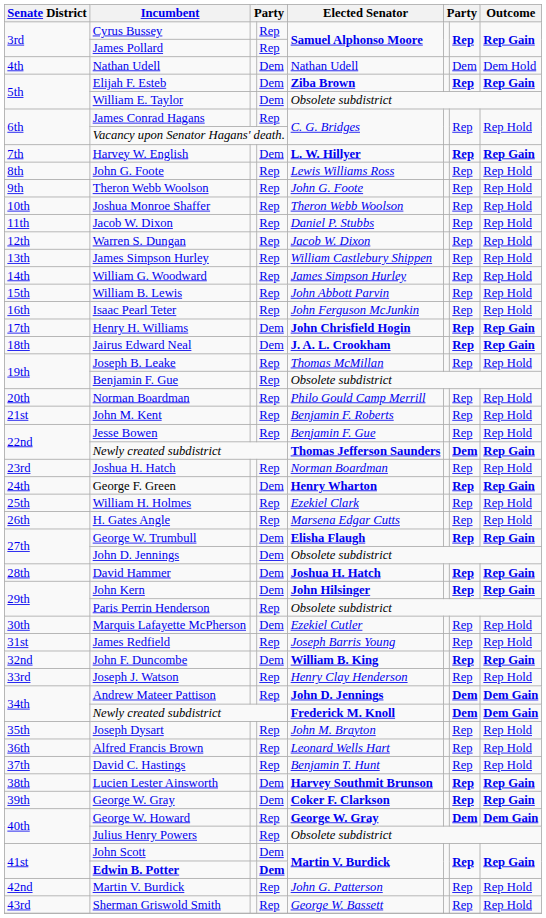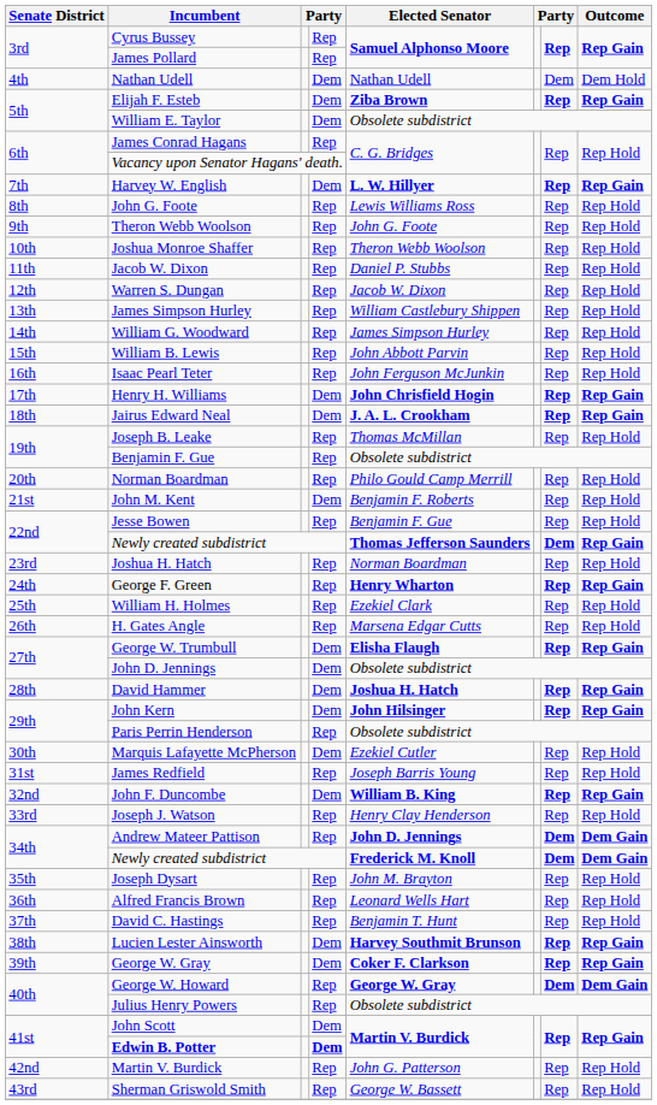 <table class="sortable wikitable" style="font-size:95%;line-height:14px;">
 <tr>
 <th class="sortable"><a href='#'>Senate</a> District</th>
 <th class="sortable"><a href='#'>Incumbent</a></th>
 <th colspan="2">Party</th>
 <th class="sortable">Elected Senator</th>
 <th colspan="2">Party</th>
 <th class="sortable">Outcome</th>
 </tr>
 <tr>
 <td rowspan="2"><a href='#'>3rd</a></td>
 <td><a href='#'>Cyrus Bussey</a></td>
 <td style="background:"></td>
 <td><a href='#'>Rep</a></td>
 <td rowspan="2"><strong><a href='#'>Samuel Alphonso Moore</a></strong></td>
 <td rowspan="2" style="background:"></td>
 <td rowspan="2"><strong><a href='#'>Rep</a></strong></td>
 <td rowspan="2" ><strong><a href='#'>Rep Gain</a></strong></td>
 </tr>
 <tr>
 <td><a href='#'>James Pollard</a></td>
 <td style="background:"></td>
 <td><a href='#'>Rep</a></td>
 </tr>
 <tr>
 <td><a href='#'>4th</a></td>
 <td><a href='#'>Nathan Udell</a></td>
 <td style="background:"></td>
 <td><a href='#'>Dem</a></td>
 <td><a href='#'>Nathan Udell</a></td>
 <td style="background:"></td>
 <td><a href='#'>Dem</a></td>
 <td><a href='#'>Dem Hold</a></td>
 </tr>
 <tr>
 <td rowspan="2"><a href='#'>5th</a></td>
 <td><a href='#'>Elijah F. Esteb</a></td>
 <td style="background:"></td>
 <td><a href='#'>Dem</a></td>
 <td><strong><a href='#'>Ziba Brown</a></strong></td>
 <td style="background:"></td>
 <td><strong><a href='#'>Rep</a></strong></td>
 <td><strong><a href='#'>Rep Gain</a></strong></td>
 </tr>
 <tr>
 <td><a href='#'>William E. Taylor</a></td>
 <td style="background:"></td>
 <td><a href='#'>Dem</a></td>
 <td colspan="4" ><em>Obsolete subdistrict</em></td>
 </tr>
 <tr>
 <td rowspan="2"><a href='#'>6th</a></td>
 <td><a href='#'>James Conrad Hagans</a></td>
 <td style="background:"></td>
 <td><a href='#'>Rep</a></td>
 <td rowspan="2"><em><a href='#'>C. G. Bridges</a></em></td>
 <td rowspan="2" style="background:"></td>
 <td rowspan="2"><a href='#'>Rep</a></td>
 <td rowspan="2"><a href='#'>Rep Hold</a></td>
 </tr>
 <tr>
 <td colspan="3" ><em>Vacancy upon Senator Hagans' death.</em></td>
 </tr>
 <tr>
 <td><a href='#'>7th</a></td>
 <td><a href='#'>Harvey W. English</a></td>
 <td style="background:"></td>
 <td><a href='#'>Dem</a></td>
 <td><strong><a href='#'>L. W. Hillyer</a></strong></td>
 <td style="background:"></td>
 <td><strong><a href='#'>Rep</a></strong></td>
 <td><strong><a href='#'>Rep Gain</a></strong></td>
 </tr>
 <tr>
 <td><a href='#'>8th</a></td>
 <td><a href='#'>John G. Foote</a></td>
 <td style="background:"></td>
 <td><a href='#'>Rep</a></td>
 <td><em><a href='#'>Lewis Williams Ross</a></em></td>
 <td style="background:"></td>
 <td><a href='#'>Rep</a></td>
 <td><a href='#'>Rep Hold</a></td>
 </tr>
 <tr>
 <td><a href='#'>9th</a></td>
 <td><a href='#'>Theron Webb Woolson</a></td>
 <td style="background:"></td>
 <td><a href='#'>Rep</a></td>
 <td><em><a href='#'>John G. Foote</a></em></td>
 <td style="background:"></td>
 <td><a href='#'>Rep</a></td>
 <td><a href='#'>Rep Hold</a></td>
 </tr>
 <tr>
 <td><a href='#'>10th</a></td>
 <td><a href='#'>Joshua Monroe Shaffer</a></td>
 <td style="background:"></td>
 <td><a href='#'>Rep</a></td>
 <td><em><a href='#'>Theron Webb Woolson</a></em></td>
 <td style="background:"></td>
 <td><a href='#'>Rep</a></td>
 <td><a href='#'>Rep Hold</a></td>
 </tr>
 <tr>
 <td><a href='#'>11th</a></td>
 <td><a href='#'>Jacob W. Dixon</a></td>
 <td style="background:"></td>
 <td><a href='#'>Rep</a></td>
 <td><em><a href='#'>Daniel P. Stubbs</a></em></td>
 <td style="background:"></td>
 <td><a href='#'>Rep</a></td>
 <td><a href='#'>Rep Hold</a></td>
 </tr>
 <tr>
 <td><a href='#'>12th</a></td>
 <td><a href='#'>Warren S. Dungan</a></td>
 <td style="background:"></td>
 <td><a href='#'>Rep</a></td>
 <td><em><a href='#'>Jacob W. Dixon</a></em></td>
 <td style="background:"></td>
 <td><a href='#'>Rep</a></td>
 <td><a href='#'>Rep Hold</a></td>
 </tr>
 <tr>
 <td><a href='#'>13th</a></td>
 <td><a href='#'>James Simpson Hurley</a></td>
 <td style="background:"></td>
 <td><a href='#'>Rep</a></td>
 <td><em><a href='#'>William Castlebury Shippen</a></em></td>
 <td style="background:"></td>
 <td><a href='#'>Rep</a></td>
 <td><a href='#'>Rep Hold</a></td>
 </tr>
 <tr>
 <td><a href='#'>14th</a></td>
 <td><a href='#'>William G. Woodward</a></td>
 <td style="background:"></td>
 <td><a href='#'>Rep</a></td>
 <td><em><a href='#'>James Simpson Hurley</a></em></td>
 <td style="background:"></td>
 <td><a href='#'>Rep</a></td>
 <td><a href='#'>Rep Hold</a></td>
 </tr>
 <tr>
 <td><a href='#'>15th</a></td>
 <td><a href='#'>William B. Lewis</a></td>
 <td style="background:"></td>
 <td><a href='#'>Rep</a></td>
 <td><em><a href='#'>John Abbott Parvin</a></em></td>
 <td style="background:"></td>
 <td><a href='#'>Rep</a></td>
 <td><a href='#'>Rep Hold</a></td>
 </tr>
 <tr>
 <td><a href='#'>16th</a></td>
 <td><a href='#'>Isaac Pearl Teter</a></td>
 <td style="background:"></td>
 <td><a href='#'>Rep</a></td>
 <td><em><a href='#'>John Ferguson McJunkin</a></em></td>
 <td style="background:"></td>
 <td><a href='#'>Rep</a></td>
 <td><a href='#'>Rep Hold</a></td>
 </tr>
 <tr>
 <td><a href='#'>17th</a></td>
 <td><a href='#'>Henry H. Williams</a></td>
 <td style="background:"></td>
 <td><a href='#'>Dem</a></td>
 <td><strong><a href='#'>John Chrisfield Hogin</a></strong></td>
 <td style="background:"></td>
 <td><strong><a href='#'>Rep</a></strong></td>
 <td><strong><a href='#'>Rep Gain</a></strong></td>
 </tr>
 <tr>
 <td><a href='#'>18th</a></td>
 <td><a href='#'>Jairus Edward Neal</a></td>
 <td style="background:"></td>
 <td><a href='#'>Dem</a></td>
 <td><strong><a href='#'>J. A. L. Crookham</a></strong></td>
 <td style="background:"></td>
 <td><strong><a href='#'>Rep</a></strong></td>
 <td><strong><a href='#'>Rep Gain</a></strong></td>
 </tr>
 <tr>
 <td rowspan="2"><a href='#'>19th</a></td>
 <td><a href='#'>Joseph B. Leake</a></td>
 <td style="background:"></td>
 <td><a href='#'>Rep</a></td>
 <td><em><a href='#'>Thomas McMillan</a></em></td>
 <td style="background:"></td>
 <td><a href='#'>Rep</a></td>
 <td><a href='#'>Rep Hold</a></td>
 </tr>
 <tr>
 <td><a href='#'>Benjamin F. Gue</a></td>
 <td style="background:"></td>
 <td><a href='#'>Rep</a></td>
 <td colspan="4" ><em>Obsolete subdistrict</em></td>
 </tr>
 <tr>
 <td><a href='#'>20th</a></td>
 <td><a href='#'>Norman Boardman</a></td>
 <td style="background:"></td>
 <td><a href='#'>Rep</a></td>
 <td><em><a href='#'>Philo Gould Camp Merrill</a></em></td>
 <td style="background:"></td>
 <td><a href='#'>Rep</a></td>
 <td><a href='#'>Rep Hold</a></td>
 </tr>
 <tr>
 <td><a href='#'>21st</a></td>
 <td><a href='#'>John M. Kent</a></td>
 <td style="background:"></td>
-<td><a href='#'>Rep</a></td>
+<td><a href='#'>Dem</a></td>
 <td><em><a href='#'>Benjamin F. Roberts</a></em></td>
 <td style="background:"></td>
 <td><a href='#'>Rep</a></td>
 <td><a href='#'>Rep Hold</a></td>
 </tr>
 <tr>
 <td rowspan="2"><a href='#'>22nd</a></td>
 <td><a href='#'>Jesse Bowen</a></td>
 <td style="background:"></td>
 <td><a href='#'>Rep</a></td>
 <td><em><a href='#'>Benjamin F. Gue</a></em></td>
 <td style="background:"></td>
 <td><a href='#'>Rep</a></td>
 <td><a href='#'>Rep Hold</a></td>
 </tr>
 <tr>
 <td colspan="3" ><em>Newly created subdistrict</em></td>
 <td><strong><a href='#'>Thomas Jefferson Saunders</a></strong></td>
 <td style="background:"></td>
 <td><strong><a href='#'>Dem</a></strong></td>
 <td><strong><a href='#'>Rep Gain</a></strong></td>
 </tr>
 <tr>
 <td><a href='#'>23rd</a></td>
 <td><a href='#'>Joshua H. Hatch</a></td>
 <td style="background:"></td>
 <td><a href='#'>Rep</a></td>
 <td><em><a href='#'>Norman Boardman</a></em></td>
 <td style="background:"></td>
 <td><a href='#'>Rep</a></td>
 <td><a href='#'>Rep Hold</a></td>
 </tr>
 <tr>
 <td><a href='#'>24th</a></td>
 <td>George F. Green</td>
 <td style="background:"></td>
-<td><a href='#'>Dem</a></td>
+<td><a href='#'>Rep</a></td>
 <td><strong><a href='#'>Henry Wharton</a></strong></td>
 <td style="background:"></td>
 <td><strong><a href='#'>Rep</a></strong></td>
 <td><strong><a href='#'>Rep Gain</a></strong></td>
 </tr>
 <tr>
 <td><a href='#'>25th</a></td>
 <td><a href='#'>William H. Holmes</a></td>
 <td style="background:"></td>
 <td><a href='#'>Rep</a></td>
 <td><em><a href='#'>Ezekiel Clark</a></em></td>
 <td style="background:"></td>
 <td><a href='#'>Rep</a></td>
 <td><a href='#'>Rep Hold</a></td>
 </tr>
 <tr>
 <td><a href='#'>26th</a></td>
 <td><a href='#'>H. Gates Angle</a></td>
 <td style="background:"></td>
 <td><a href='#'>Rep</a></td>
 <td><em><a href='#'>Marsena Edgar Cutts</a></em></td>
 <td style="background:"></td>
 <td><a href='#'>Rep</a></td>
 <td><a href='#'>Rep Hold</a></td>
 </tr>
 <tr>
 <td rowspan="2"><a href='#'>27th</a></td>
 <td><a href='#'>George W. Trumbull</a></td>
 <td style="background:"></td>
 <td><a href='#'>Dem</a></td>
 <td><strong><a href='#'>Elisha Flaugh</a></strong></td>
 <td style="background:"></td>
 <td><strong><a href='#'>Rep</a></strong></td>
 <td><strong><a href='#'>Rep Gain</a></strong></td>
 </tr>
 <tr>
 <td><a href='#'>John D. Jennings</a></td>
 <td style="background:"></td>
 <td><a href='#'>Dem</a></td>
 <td colspan="4" ><em>Obsolete subdistrict</em></td>
 </tr>
 <tr>
 <td><a href='#'>28th</a></td>
 <td><a href='#'>David Hammer</a></td>
 <td style="background:"></td>
 <td><a href='#'>Dem</a></td>
 <td><strong><a href='#'>Joshua H. Hatch</a></strong></td>
 <td style="background:"></td>
 <td><strong><a href='#'>Rep</a></strong></td>
 <td><strong><a href='#'>Rep Gain</a></strong></td>
 </tr>
 <tr>
 <td rowspan="2"><a href='#'>29th</a></td>
 <td><a href='#'>John Kern</a></td>
 <td style="background:"></td>
 <td><a href='#'>Dem</a></td>
 <td><strong><a href='#'>John Hilsinger</a></strong></td>
 <td style="background:"></td>
 <td><strong><a href='#'>Rep</a></strong></td>
 <td><strong><a href='#'>Rep Gain</a></strong></td>
 </tr>
 <tr>
 <td><a href='#'>Paris Perrin Henderson</a></td>
 <td style="background:"></td>
 <td><a href='#'>Rep</a></td>
 <td colspan="4" ><em>Obsolete subdistrict</em></td>
 </tr>
 <tr>
 <td><a href='#'>30th</a></td>
 <td><a href='#'>Marquis Lafayette McPherson</a></td>
 <td style="background:"></td>
 <td><a href='#'>Dem</a></td>
 <td><em><a href='#'>Ezekiel Cutler</a></em></td>
 <td style="background:"></td>
 <td><a href='#'>Rep</a></td>
 <td><a href='#'>Rep Hold</a></td>
 </tr>
 <tr>
 <td><a href='#'>31st</a></td>
 <td><a href='#'>James Redfield</a></td>
 <td style="background:"></td>
 <td><a href='#'>Rep</a></td>
 <td><em><a href='#'>Joseph Barris Young</a></em></td>
 <td style="background:"></td>
 <td><a href='#'>Rep</a></td>
 <td><a href='#'>Rep Hold</a></td>
 </tr>
 <tr>
 <td><a href='#'>32nd</a></td>
 <td><a href='#'>John F. Duncombe</a></td>
 <td style="background:"></td>
 <td><a href='#'>Dem</a></td>
 <td><strong><a href='#'>William B. King</a></strong></td>
 <td style="background:"></td>
 <td><strong><a href='#'>Rep</a></strong></td>
 <td><strong><a href='#'>Rep Gain</a></strong></td>
 </tr>
 <tr>
 <td><a href='#'>33rd</a></td>
 <td><a href='#'>Joseph J. Watson</a></td>
 <td style="background:"></td>
 <td><a href='#'>Rep</a></td>
 <td><em><a href='#'>Henry Clay Henderson</a></em></td>
 <td style="background:"></td>
 <td><a href='#'>Rep</a></td>
 <td><a href='#'>Rep Hold</a></td>
 </tr>
 <tr>
 <td rowspan="2"><a href='#'>34th</a></td>
 <td><a href='#'>Andrew Mateer Pattison</a></td>
 <td style="background:"></td>
 <td><a href='#'>Rep</a></td>
 <td><strong><a href='#'>John D. Jennings</a></strong></td>
 <td style="background:"></td>
 <td><strong><a href='#'>Dem</a></strong></td>
 <td><strong><a href='#'>Dem Gain</a></strong></td>
 </tr>
 <tr>
 <td colspan="3" ><em>Newly created subdistrict</em></td>
 <td><strong><a href='#'>Frederick M. Knoll</a></strong></td>
 <td style="background:"></td>
 <td><strong><a href='#'>Dem</a></strong></td>
 <td><strong><a href='#'>Dem Gain</a></strong></td>
 </tr>
 <tr>
 <td><a href='#'>35th</a></td>
 <td><a href='#'>Joseph Dysart</a></td>
 <td style="background:"></td>
 <td><a href='#'>Rep</a></td>
 <td><em><a href='#'>John M. Brayton</a></em></td>
 <td style="background:"></td>
 <td><a href='#'>Rep</a></td>
 <td><a href='#'>Rep Hold</a></td>
 </tr>
 <tr>
 <td><a href='#'>36th</a></td>
 <td><a href='#'>Alfred Francis Brown</a></td>
 <td style="background:"></td>
 <td><a href='#'>Rep</a></td>
 <td><em><a href='#'>Leonard Wells Hart</a></em></td>
 <td style="background:"></td>
 <td><a href='#'>Rep</a></td>
 <td><a href='#'>Rep Hold</a></td>
 </tr>
 <tr>
 <td><a href='#'>37th</a></td>
 <td><a href='#'>David C. Hastings</a></td>
 <td style="background:"></td>
 <td><a href='#'>Rep</a></td>
 <td><em><a href='#'>Benjamin T. Hunt</a></em></td>
 <td style="background:"></td>
 <td><a href='#'>Rep</a></td>
 <td><a href='#'>Rep Hold</a></td>
 </tr>
 <tr>
 <td><a href='#'>38th</a></td>
 <td><a href='#'>Lucien Lester Ainsworth</a></td>
 <td style="background:"></td>
 <td><a href='#'>Dem</a></td>
 <td><strong><a href='#'>Harvey Southmit Brunson</a></strong></td>
 <td style="background:"></td>
 <td><strong><a href='#'>Rep</a></strong></td>
 <td><strong><a href='#'>Rep Gain</a></strong></td>
 </tr>
 <tr>
 <td><a href='#'>39th</a></td>
 <td><a href='#'>George W. Gray</a></td>
 <td style="background:"></td>
 <td><a href='#'>Dem</a></td>
 <td><strong><a href='#'>Coker F. Clarkson</a></strong></td>
 <td style="background:"></td>
 <td><strong><a href='#'>Rep</a></strong></td>
 <td><strong><a href='#'>Rep Gain</a></strong></td>
 </tr>
 <tr>
 <td rowspan="2"><a href='#'>40th</a></td>
 <td><a href='#'>George W. Howard</a></td>
 <td style="background:"></td>
 <td><a href='#'>Rep</a></td>
 <td><strong><a href='#'>George W. Gray</a></strong></td>
 <td style="background:"></td>
 <td><strong><a href='#'>Dem</a></strong></td>
 <td><strong><a href='#'>Dem Gain</a></strong></td>
 </tr>
 <tr>
 <td><a href='#'>Julius Henry Powers</a></td>
 <td style="background:"></td>
 <td><a href='#'>Rep</a></td>
 <td colspan="4" ><em>Obsolete subdistrict</em></td>
 </tr>
 <tr>
 <td rowspan="2"><a href='#'>41st</a></td>
 <td><a href='#'>John Scott</a></td>
 <td style="background:"></td>
 <td><a href='#'>Dem</a></td>
 <td rowspan="2"><strong><a href='#'>Martin V. Burdick</a></strong></td>
 <td rowspan="2" style="background:"></td>
 <td rowspan="2"><strong><a href='#'>Rep</a></strong></td>
 <td rowspan="2" ><strong><a href='#'>Rep Gain</a></strong></td>
 </tr>
 <tr>
 <td><strong><a href='#'>Edwin B. Potter</a></strong></td>
 <td style="background:"></td>
 <td><strong><a href='#'>Dem</a></strong></td>
 </tr>
 <tr>
 <td><a href='#'>42nd</a></td>
 <td><a href='#'>Martin V. Burdick</a></td>
 <td style="background:"></td>
 <td><a href='#'>Rep</a></td>
 <td><em><a href='#'>John G. Patterson</a></em></td>
 <td style="background:"></td>
 <td><a href='#'>Rep</a></td>
 <td><a href='#'>Rep Hold</a></td>
 </tr>
 <tr>
 <td><a href='#'>43rd</a></td>
 <td><a href='#'>Sherman Griswold Smith</a></td>
 <td style="background:"></td>
 <td><a href='#'>Rep</a></td>
 <td><em><a href='#'>George W. Bassett</a></em></td>
 <td style="background:"></td>
 <td><a href='#'>Rep</a></td>
 <td><a href='#'>Rep Hold</a></td>
 </tr>
 <tr>
 </tr>
 </table>
